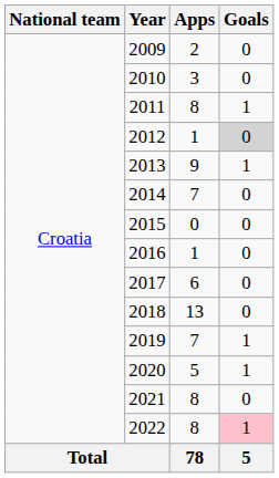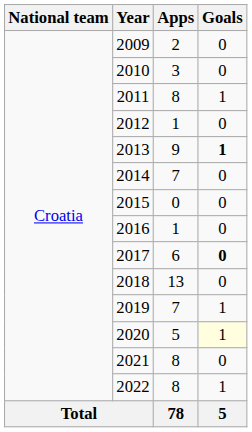 <table class=wikitable style="text-align:center">
 <tr>
 <th>National team</th>
 <th>Year</th>
 <th>Apps</th>
 <th>Goals</th>
 </tr>
 <tr>
 <td rowspan="14"><a href='#'>Croatia</a></td>
 <td>2009</td>
 <td>2</td>
 <td>0</td>
 </tr>
 <tr>
 <td>2010</td>
 <td>3</td>
 <td>0</td>
 </tr>
 <tr>
 <td>2011</td>
 <td>8</td>
 <td>1</td>
 </tr>
 <tr>
 <td>2012</td>
 <td>1</td>
-<td style="background: lightgrey;">0</td>
+<td>0</td>
 </tr>
 <tr>
 <td>2013</td>
 <td>9</td>
-<td>1</td>
+<td><strong>1</strong></td>
 </tr>
 <tr>
 <td>2014</td>
 <td>7</td>
 <td>0</td>
 </tr>
 <tr>
 <td>2015</td>
 <td>0</td>
 <td>0</td>
 </tr>
 <tr>
 <td>2016</td>
 <td>1</td>
 <td>0</td>
 </tr>
 <tr>
 <td>2017</td>
 <td>6</td>
-<td>0</td>
+<td><strong>0</strong></td>
 </tr>
 <tr>
 <td>2018</td>
 <td>13</td>
 <td>0</td>
 </tr>
 <tr>
 <td>2019</td>
 <td>7</td>
 <td>1</td>
 </tr>
 <tr>
 <td>2020</td>
 <td>5</td>
-<td>1</td>
+<td style="background: lightyellow;">1</td>
 </tr>
 <tr>
 <td>2021</td>
 <td>8</td>
 <td>0</td>
 </tr>
 <tr>
 <td>2022</td>
 <td>8</td>
-<td style="background: pink;">1</td>
+<td>1</td>
 </tr>
 <tr>
 <th colspan="2">Total</th>
 <th>78</th>
 <th>5</th>
 </tr>
 </table>
